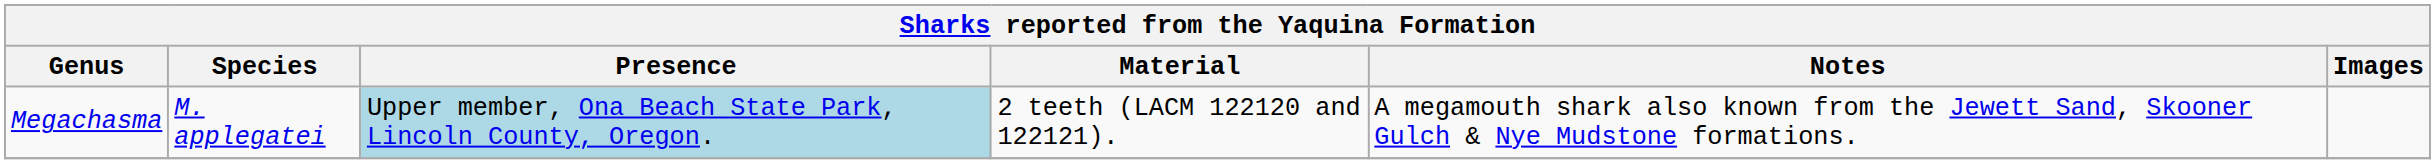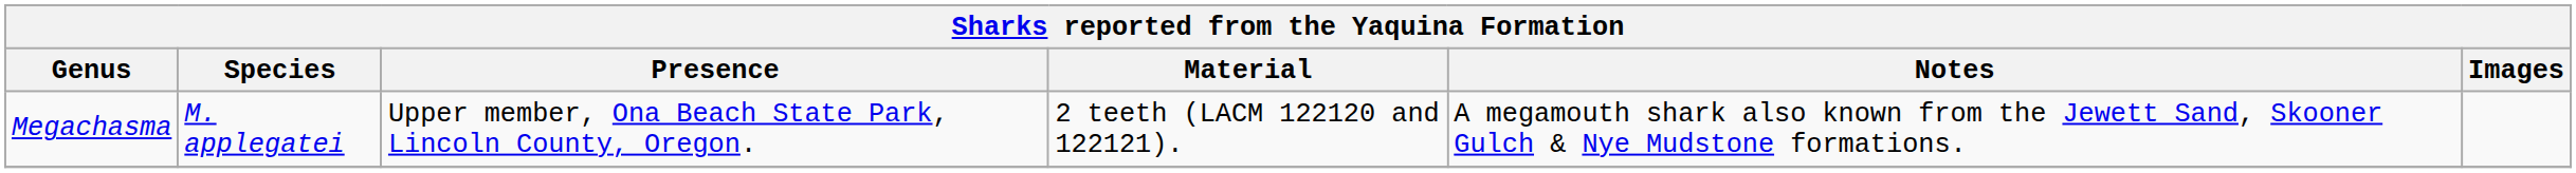 <table class="wikitable" align="center">
 <tr>
 <th colspan="6" align="center"><strong><a href='#'>Sharks</a> reported from the Yaquina Formation</strong></th>
 </tr>
 <tr>
 <th>Genus</th>
 <th>Species</th>
 <th>Presence</th>
 <th><strong>Material</strong></th>
 <th>Notes</th>
 <th>Images</th>
 </tr>
 <tr>
 <td><em><a href='#'>Megachasma</a></em></td>
 <td><em><a href='#'>M. applegatei</a></em></td>
-<td style="background: lightblue;">Upper member, <a href='#'>Ona Beach State Park</a>, <a href='#'>Lincoln County, Oregon</a>.</td>
+<td>Upper member, <a href='#'>Ona Beach State Park</a>, <a href='#'>Lincoln County, Oregon</a>.</td>
 <td>2 teeth (LACM 122120 and 122121).</td>
 <td>A megamouth shark also known from the <a href='#'>Jewett Sand</a>, <a href='#'>Skooner Gulch</a> & <a href='#'>Nye Mudstone</a> formations.</td>
 <td></td>
 </tr>
 <tr>
 </tr>
 </table>
